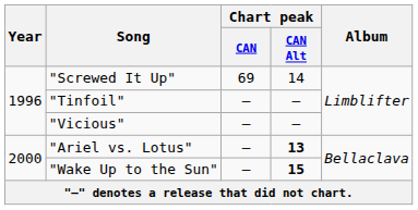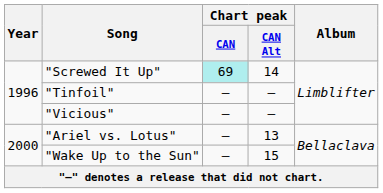 <table class="wikitable">
 <tr>
 <th rowspan="2">Year</th>
 <th rowspan="2">Song</th>
 <th colspan="2">Chart peak</th>
 <th rowspan="2">Album</th>
 </tr>
 <tr>
 <th style="width:40px;"><small><a href='#'>CAN</a><br></small></th>
 <th style="width:40px;"><small><a href='#'>CAN<br>Alt</a><br></small></th>
 </tr>
 <tr>
 <td rowspan="3">1996</td>
 <td>"Screwed It Up"</td>
-<td style="text-align:center;">69</td>
+<td style="background: paleturquoise; text-align:center;">69</td>
 <td style="text-align:center;">14</td>
 <td rowspan="3"><em>Limblifter</em></td>
 </tr>
 <tr>
 <td>"Tinfoil"</td>
 <td style="text-align:center;">—</td>
 <td style="text-align:center;">—</td>
 </tr>
 <tr>
 <td>"Vicious"</td>
 <td style="text-align:center;">—</td>
 <td style="text-align:center;">—</td>
 </tr>
 <tr>
 <td rowspan="2">2000</td>
 <td>"Ariel vs. Lotus"</td>
 <td style="text-align:center;">—</td>
-<td style="text-align:center;"><strong>13</strong></td>
+<td style="text-align:center;">13</td>
 <td rowspan="2"><em>Bellaclava</em></td>
 </tr>
 <tr>
 <td>"Wake Up to the Sun"</td>
 <td style="text-align:center;">—</td>
-<td style="text-align:center;"><strong>15</strong></td>
+<td style="text-align:center;">15</td>
 </tr>
 <tr>
 <th colspan="10"><small>"—" denotes a release that did not chart.</small></th>
 </tr>
 </table>
